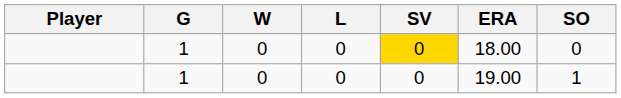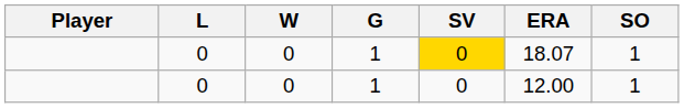 <table class="wikitable sortable">
 <tr>
 <th bgcolor="#DDDDFF" width="16%">Player</th>
+<th bgcolor="#DDDDFF" width="9%">L</th>
+<th bgcolor="#DDDDFF" width="9%">W</th>
 <th bgcolor="#DDDDFF" width="9%">G</th>
-<th bgcolor="#DDDDFF" width="9%">W</th>
-<th bgcolor="#DDDDFF" width="9%">L</th>
 <th bgcolor="#DDDDFF" width="9%">SV</th>
 <th bgcolor="#DDDDFF" width="9%">ERA</th>
 <th bgcolor="#DDDDFF" width="9%">SO</th>
 </tr>
 <tr align="center">
 <td></td>
-<td>1</td>
 <td>0</td>
 <td>0</td>
+<td>1</td>
 <td style="background: gold;">0</td>
-<td>18.00</td>
-<td>0</td>
+<td>18.07</td>
+<td>1</td>
 </tr>
 <tr align="center">
 <td></td>
+<td>0</td>
+<td>0</td>
 <td>1</td>
 <td>0</td>
-<td>0</td>
-<td>0</td>
-<td>19.00</td>
+<td>12.00</td>
 <td>1</td>
 </tr>
 </table>
